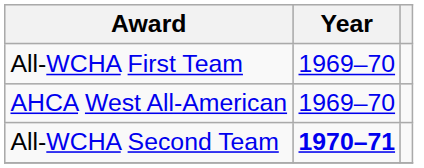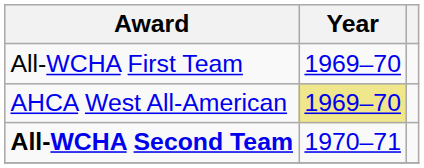 <table class="wikitable">
 <tr>
 <th>Award</th>
 <th>Year</th>
 <th></th>
 </tr>
 <tr>
 <td>All-<a href='#'>WCHA</a> <a href='#'>First Team</a></td>
 <td><a href='#'>1969–70</a></td>
 <td></td>
 </tr>
 <tr>
 <td><a href='#'>AHCA</a> <a href='#'>West All-American</a></td>
-<td><a href='#'>1969–70</a></td>
+<td style="background: khaki;"><a href='#'>1969–70</a></td>
 <td></td>
 </tr>
 <tr>
-<td>All-<a href='#'>WCHA</a> <a href='#'>Second Team</a></td>
-<td><strong><a href='#'>1970–71</a></strong></td>
+<td><strong>All-<a href='#'>WCHA</a> <a href='#'>Second Team</a></strong></td>
+<td><a href='#'>1970–71</a></td>
 <td></td>
 </tr>
 <tr>
 </tr>
 </table>
